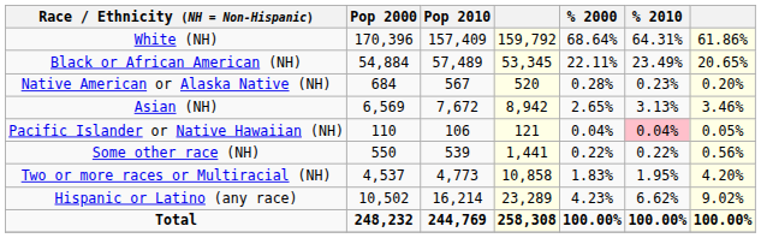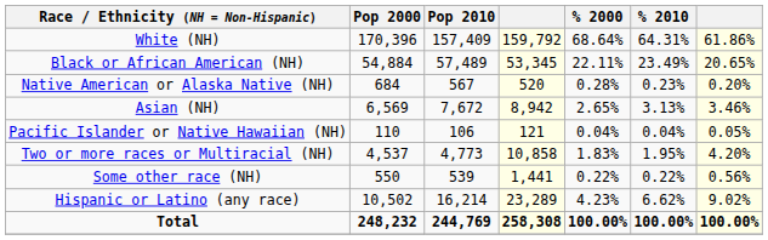 <table class="wikitable" style="text-align:center;">
 <tr>
 <th>Race / Ethnicity <small>(<em>NH = Non-Hispanic</em>)</small></th>
 <th>Pop 2000</th>
 <th>Pop 2010</th>
 <th></th>
 <th>% 2000</th>
 <th>% 2010</th>
 <th></th>
 </tr>
 <tr>
 <td><a href='#'>White</a> (NH)</td>
 <td>170,396</td>
 <td>157,409</td>
 <td style='background: #ffffe6;'>159,792</td>
 <td>68.64%</td>
 <td>64.31%</td>
 <td style='background: #ffffe6;'>61.86%</td>
 </tr>
 <tr>
 <td><a href='#'>Black or African American</a> (NH)</td>
 <td>54,884</td>
 <td>57,489</td>
 <td style='background: #ffffe6;'>53,345</td>
 <td>22.11%</td>
 <td>23.49%</td>
 <td style='background: #ffffe6;'>20.65%</td>
 </tr>
 <tr>
 <td><a href='#'>Native American</a> or <a href='#'>Alaska Native</a> (NH)</td>
 <td>684</td>
 <td>567</td>
 <td style='background: #ffffe6;'>520</td>
 <td>0.28%</td>
 <td>0.23%</td>
 <td style='background: #ffffe6;'>0.20%</td>
 </tr>
 <tr>
 <td><a href='#'>Asian</a> (NH)</td>
 <td>6,569</td>
 <td>7,672</td>
 <td style='background: #ffffe6;'>8,942</td>
 <td>2.65%</td>
 <td>3.13%</td>
 <td style='background: #ffffe6;'>3.46%</td>
 </tr>
 <tr>
 <td><a href='#'>Pacific Islander</a> or <a href='#'>Native Hawaiian</a> (NH)</td>
 <td>110</td>
 <td>106</td>
 <td style='background: #ffffe6;'>121</td>
 <td>0.04%</td>
-<td style="background: pink;">0.04%</td>
+<td>0.04%</td>
 <td style='background: #ffffe6;'>0.05%</td>
+</tr>
+<tr>
+<td><a href='#'>Two or more races or Multiracial</a> (NH)</td>
+<td>4,537</td>
+<td>4,773</td>
+<td style='background: #ffffe6;'>10,858</td>
+<td>1.83%</td>
+<td>1.95%</td>
+<td style='background: #ffffe6;'>4.20%</td>
 </tr>
 <tr>
 <td><a href='#'>Some other race</a> (NH)</td>
 <td>550</td>
 <td>539</td>
 <td style='background: #ffffe6;'>1,441</td>
 <td>0.22%</td>
 <td>0.22%</td>
 <td style='background: #ffffe6;'>0.56%</td>
-</tr>
-<tr>
-<td><a href='#'>Two or more races or Multiracial</a> (NH)</td>
-<td>4,537</td>
-<td>4,773</td>
-<td style='background: #ffffe6;'>10,858</td>
-<td>1.83%</td>
-<td>1.95%</td>
-<td style='background: #ffffe6;'>4.20%</td>
 </tr>
 <tr>
 <td><a href='#'>Hispanic or Latino</a> (any race)</td>
 <td>10,502</td>
 <td>16,214</td>
 <td style='background: #ffffe6;'>23,289</td>
 <td>4.23%</td>
 <td>6.62%</td>
 <td style='background: #ffffe6;'>9.02%</td>
 </tr>
 <tr>
 <td><strong>Total</strong></td>
 <td><strong>248,232</strong></td>
 <td><strong>244,769</strong></td>
 <td style='background: #ffffe6;'><strong>258,308</strong></td>
 <td><strong>100.00%</strong></td>
 <td><strong>100.00%</strong></td>
 <td style='background: #ffffe6;'><strong>100.00%</strong></td>
 </tr>
 <tr>
 </tr>
 </table>
